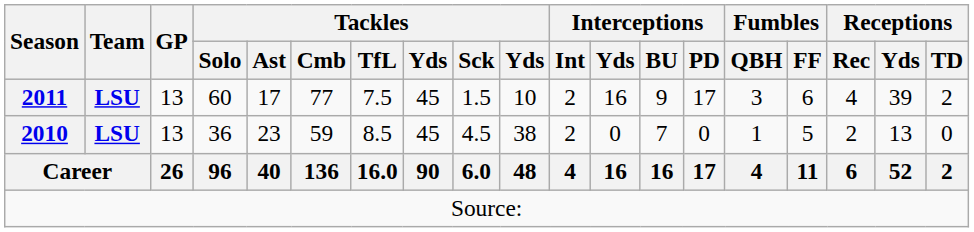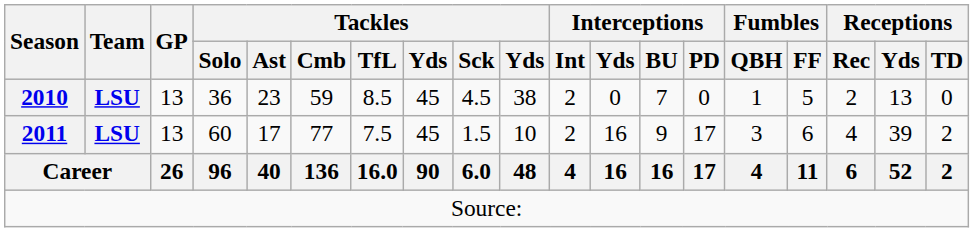 <table class=wikitable style="text-align:center;">
 <tr>
 <th rowspan="2">Season</th>
 <th rowspan="2">Team</th>
 <th rowspan="2">GP</th>
 <th colspan="7">Tackles</th>
 <th colspan="4">Interceptions</th>
 <th colspan="2">Fumbles</th>
 <th colspan="3">Receptions</th>
 </tr>
 <tr>
 <th>Solo</th>
 <th>Ast</th>
 <th>Cmb</th>
 <th>TfL</th>
 <th>Yds</th>
 <th>Sck</th>
 <th>Yds</th>
 <th>Int</th>
 <th>Yds</th>
 <th>BU</th>
 <th>PD</th>
 <th>QBH</th>
 <th>FF</th>
 <th>Rec</th>
 <th>Yds</th>
 <th>TD</th>
 </tr>
 <tr>
+<th><a href='#'>2010</a></th>
+<th><a href='#'>LSU</a></th>
+<td>13</td>
+<td>36</td>
+<td>23</td>
+<td>59</td>
+<td>8.5</td>
+<td>45</td>
+<td>4.5</td>
+<td>38</td>
+<td>2</td>
+<td>0</td>
+<td>7</td>
+<td>0</td>
+<td>1</td>
+<td>5</td>
+<td>2</td>
+<td>13</td>
+<td>0</td>
+</tr>
+<tr>
 <th><a href='#'>2011</a></th>
 <th><a href='#'>LSU</a></th>
 <td>13</td>
 <td>60</td>
 <td>17</td>
 <td>77</td>
 <td>7.5</td>
 <td>45</td>
 <td>1.5</td>
 <td>10</td>
 <td>2</td>
 <td>16</td>
 <td>9</td>
 <td>17</td>
 <td>3</td>
 <td>6</td>
 <td>4</td>
 <td>39</td>
 <td>2</td>
-</tr>
-<tr>
-<th><a href='#'>2010</a></th>
-<th><a href='#'>LSU</a></th>
-<td>13</td>
-<td>36</td>
-<td>23</td>
-<td>59</td>
-<td>8.5</td>
-<td>45</td>
-<td>4.5</td>
-<td>38</td>
-<td>2</td>
-<td>0</td>
-<td>7</td>
-<td>0</td>
-<td>1</td>
-<td>5</td>
-<td>2</td>
-<td>13</td>
-<td>0</td>
 </tr>
 <tr>
 <th colspan="2">Career</th>
 <th>26</th>
 <th>96</th>
 <th>40</th>
 <th>136</th>
 <th>16.0</th>
 <th>90</th>
 <th>6.0</th>
 <th>48</th>
 <th>4</th>
 <th>16</th>
 <th>16</th>
 <th>17</th>
 <th>4</th>
 <th>11</th>
 <th>6</th>
 <th>52</th>
 <th>2</th>
 </tr>
 <tr>
 <td colspan="19">Source:</td>
 </tr>
 </table>
